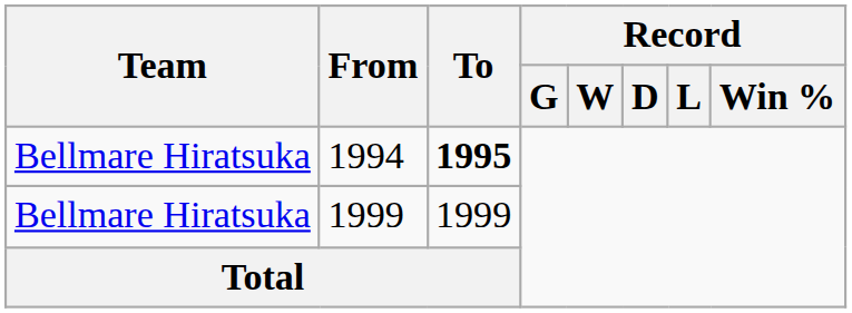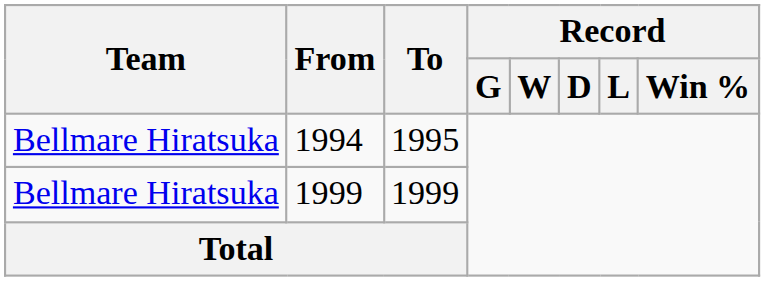 <table class="wikitable" style="text-align: center">
 <tr>
 <th rowspan="2">Team</th>
 <th rowspan="2">From</th>
 <th rowspan="2">To</th>
 <th colspan="5">Record</th>
 </tr>
 <tr>
 <th>G</th>
 <th>W</th>
 <th>D</th>
 <th>L</th>
 <th>Win %</th>
 </tr>
 <tr>
 <td align="left"><a href='#'>Bellmare Hiratsuka</a></td>
 <td align="left">1994</td>
-<td align="left"><strong>1995<br></strong></td>
+<td align="left">1995<br></td>
 </tr>
 <tr>
 <td align="left"><a href='#'>Bellmare Hiratsuka</a></td>
 <td align="left">1999</td>
 <td align="left">1999<br></td>
 </tr>
 <tr>
 <th colspan="3">Total<br></th>
 </tr>
 </table>
